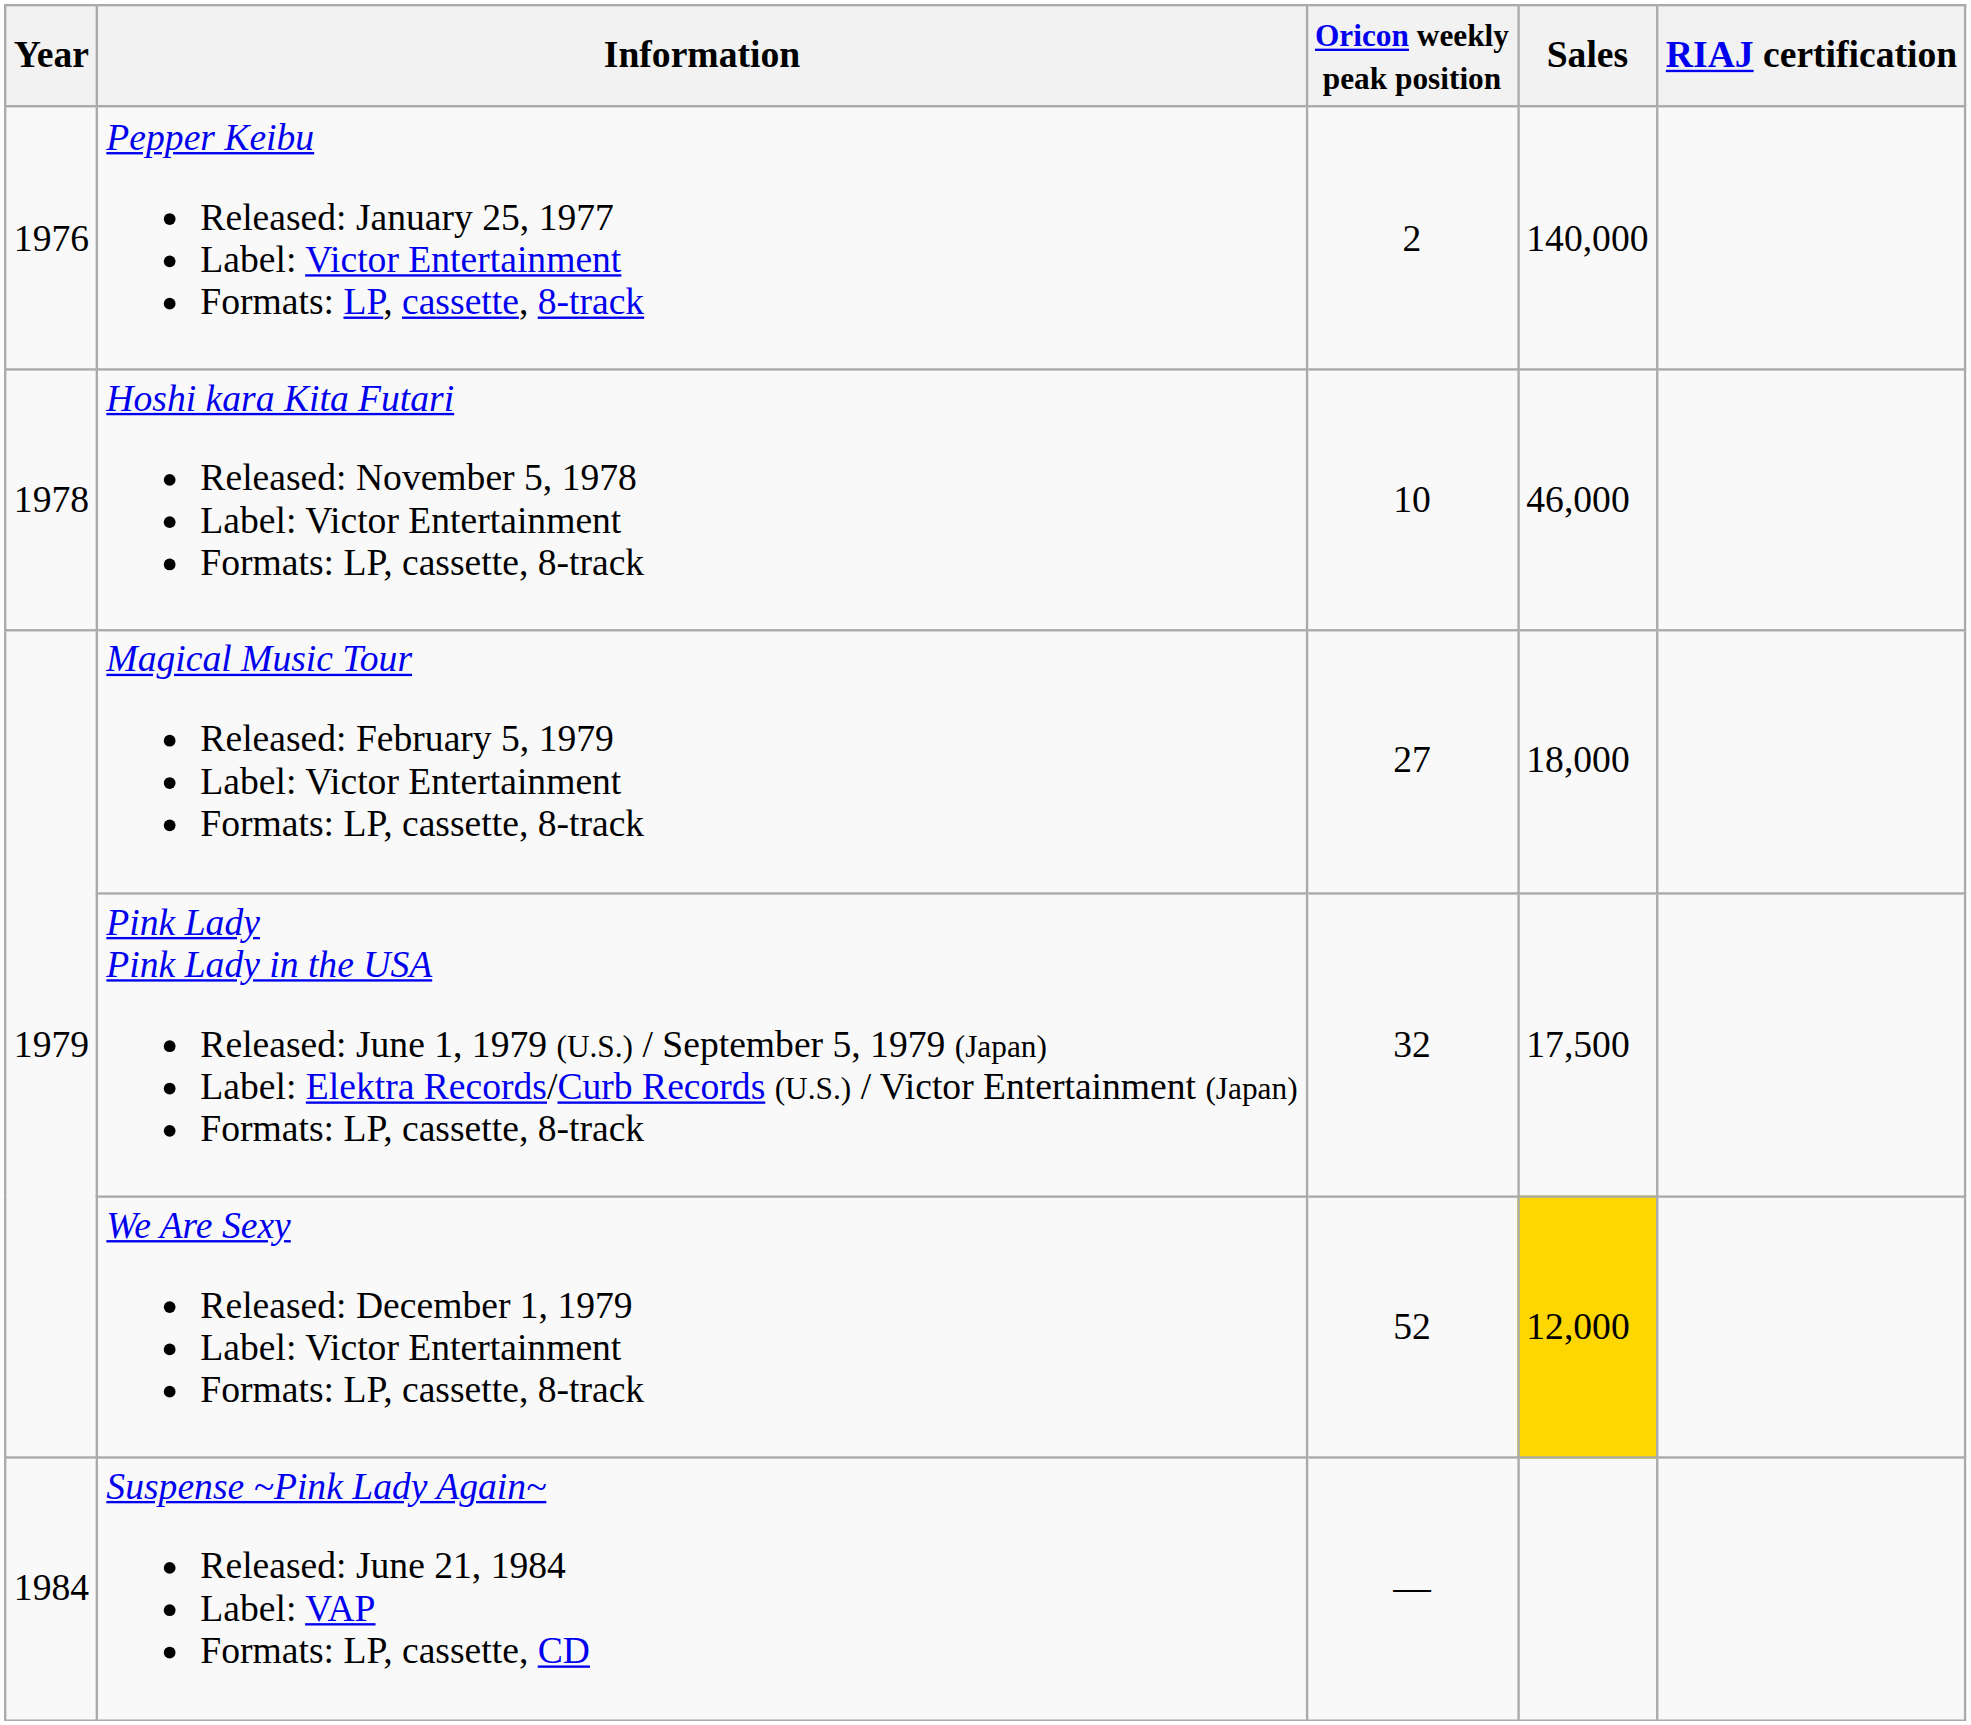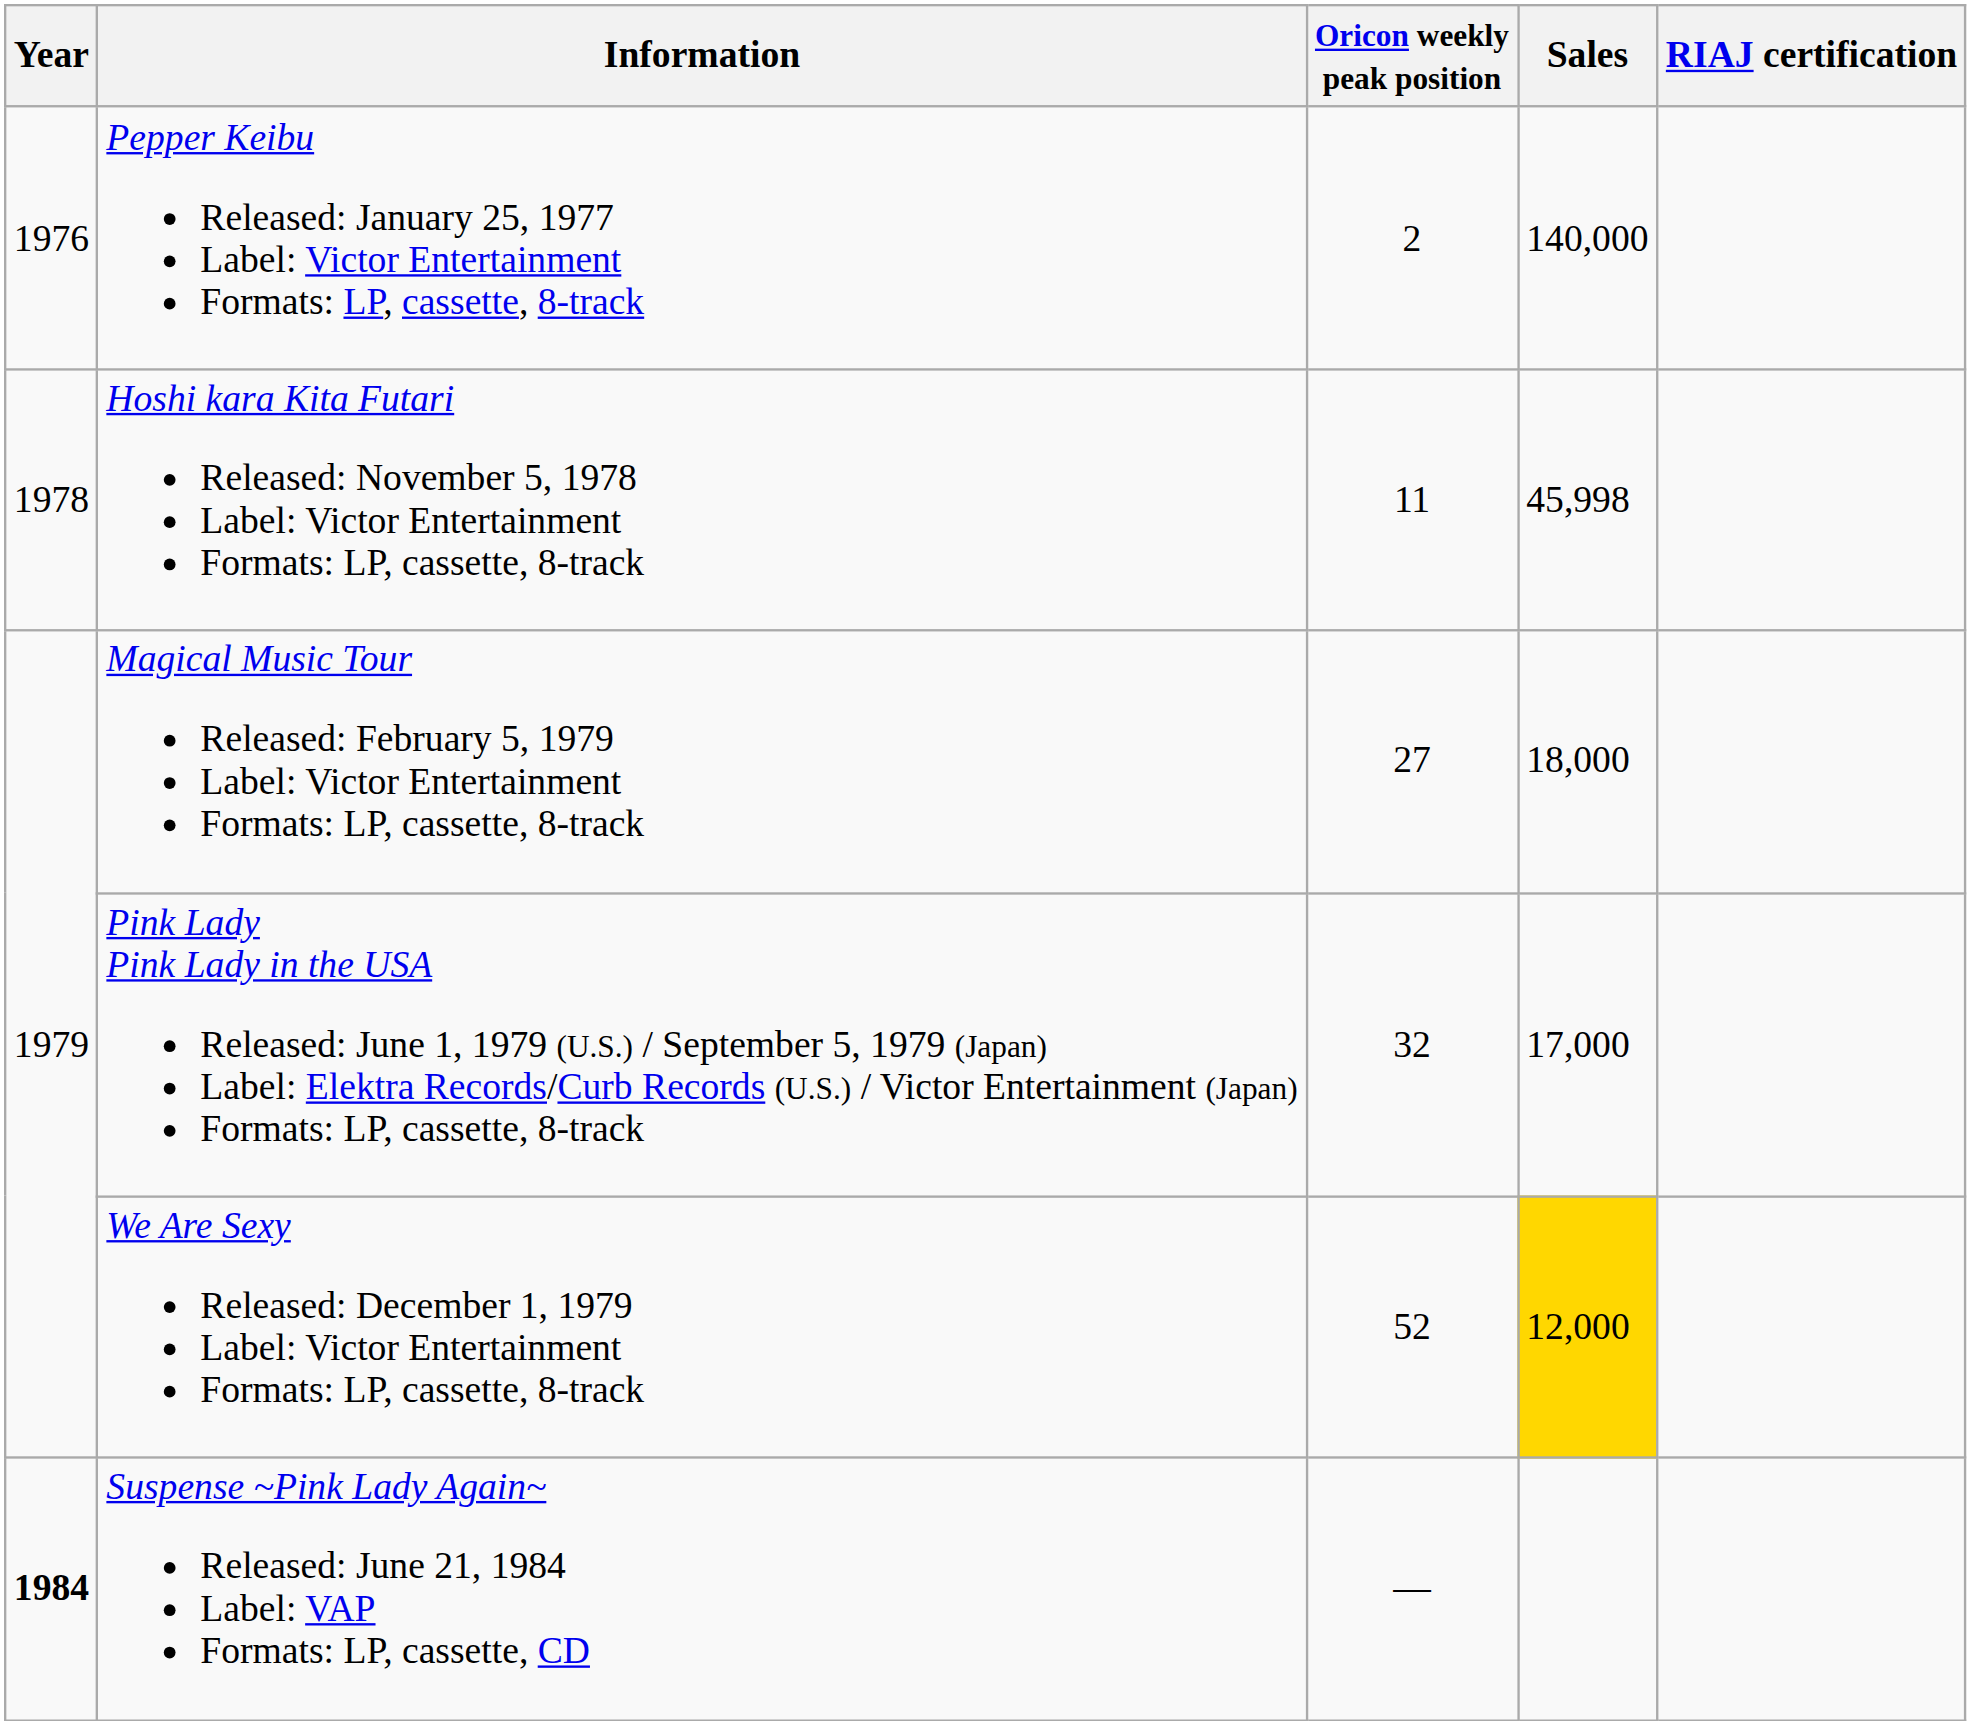 <table class="wikitable">
 <tr>
 <th>Year</th>
 <th>Information</th>
 <th><small><a href='#'>Oricon</a> weekly<br>peak position</small></th>
 <th>Sales<br></th>
 <th><a href='#'>RIAJ</a> certification</th>
 </tr>
 <tr>
 <td>1976</td>
 <td><em><a href='#'>Pepper Keibu</a></em><br><ul><li>Released: January 25, 1977</li><li>Label: <a href='#'>Victor Entertainment</a></li><li>Formats: <a href='#'>LP</a>, <a href='#'>cassette</a>, <a href='#'>8-track</a></li></ul></td>
 <td style="text-align:center;">2</td>
 <td align="left">140,000</td>
 <td align="left"></td>
 </tr>
 <tr>
 <td>1978</td>
 <td><em><a href='#'>Hoshi kara Kita Futari</a></em><br><ul><li>Released: November 5, 1978</li><li>Label: Victor Entertainment</li><li>Formats: LP, cassette, 8-track</li></ul></td>
-<td style="text-align:center;">10</td>
-<td align="left">46,000</td>
+<td style="text-align:center;">11</td>
+<td align="left">45,998</td>
 <td align="left"></td>
 </tr>
 <tr>
 <td rowspan="3">1979</td>
 <td><em><a href='#'>Magical Music Tour</a></em><br><ul><li>Released: February 5, 1979</li><li>Label: Victor Entertainment</li><li>Formats: LP, cassette, 8-track</li></ul></td>
 <td style="text-align:center;">27</td>
 <td align="left">18,000</td>
 <td align="left"></td>
 </tr>
 <tr>
 <td><a href='#'><em>Pink Lady</em><br><em>Pink Lady in the USA</em></a><br><ul><li>Released: June 1, 1979 <small>(U.S.)</small> / September 5, 1979 <small>(Japan)</small></li><li>Label: <a href='#'>Elektra Records</a>/<a href='#'>Curb Records</a> <small>(U.S.)</small> / Victor Entertainment <small>(Japan)</small></li><li>Formats: LP, cassette, 8-track</li></ul></td>
 <td style="text-align:center;">32</td>
-<td align="left">17,500</td>
+<td align="left">17,000</td>
 <td align="left"></td>
 </tr>
 <tr>
 <td><em><a href='#'>We Are Sexy</a></em><br><ul><li>Released: December 1, 1979</li><li>Label: Victor Entertainment</li><li>Formats: LP, cassette, 8-track</li></ul></td>
 <td style="text-align:center;">52</td>
 <td align="left" style="background: gold;">12,000</td>
 <td align="left"></td>
 </tr>
 <tr>
-<td>1984</td>
+<td><strong>1984</strong></td>
 <td><em><a href='#'>Suspense ~Pink Lady Again~</a></em><br><ul><li>Released: June 21, 1984</li><li>Label: <a href='#'>VAP</a></li><li>Formats: LP, cassette, <a href='#'>CD</a></li></ul></td>
 <td style="text-align:center;">—</td>
 <td align="left"></td>
 <td align="left"></td>
 </tr>
 </table>
